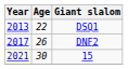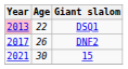 <table class=wikitable style="text-align:center">
 <tr>
 <th>Year</th>
 <th>Age</th>
 <th>Giant slalom</th>
 </tr>
 <tr>
-<td><a href='#'>2013</a></td>
+<td style="background: pink;"><a href='#'>2013</a></td>
 <td><em>22</em></td>
 <td><a href='#'>DSQ1</a></td>
 </tr>
 <tr>
 <td><a href='#'>2017</a></td>
 <td><em>26</em></td>
 <td><a href='#'>DNF2</a></td>
 </tr>
 <tr>
-<td style="background: lightyellow;"><a href='#'>2021</a></td>
+<td><a href='#'>2021</a></td>
 <td><em>30</em></td>
 <td><a href='#'>15</a></td>
 </tr>
 <tr>
 </tr>
 </table>
